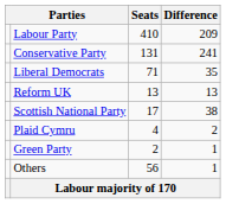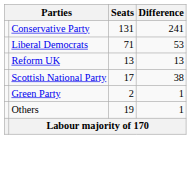 <table class="wikitable">
 <tr style="vertical-align:top;">
 <th colspan="2">Parties</th>
 <th>Seats</th>
 <th>Differ­ence</th>
-</tr>
-<tr>
-<td></td>
-<td><a href='#'>Labour Party</a></td>
-<td style="text-align:right;">410</td>
-<td style="text-align:right;"> 209</td>
 </tr>
 <tr>
 <td></td>
 <td><a href='#'>Conservative Party</a></td>
 <td style="text-align:right;">131</td>
 <td style="text-align:right;"> 241</td>
 </tr>
 <tr>
 <td></td>
 <td><a href='#'>Liberal Democrats</a></td>
 <td style="text-align:right;">71</td>
-<td style="text-align:right;"> 35</td>
+<td style="text-align:right;"> 53</td>
 </tr>
 <tr>
 <td></td>
 <td><a href='#'>Reform UK</a></td>
 <td style="text-align:right;">13</td>
 <td style="text-align:right;"> 13</td>
 </tr>
 <tr>
 <td></td>
 <td><a href='#'>Scottish National Party</a></td>
 <td style="text-align:right;">17</td>
 <td style="text-align:right;"> 38</td>
 </tr>
 <tr>
 <td></td>
-<td><a href='#'>Plaid Cymru</a></td>
-<td style="text-align:right;">4</td>
-<td style="text-align:right;"> 2</td>
-</tr>
-<tr>
-<td></td>
 <td><a href='#'>Green Party</a></td>
 <td style="text-align:right;">2</td>
 <td style="text-align:right;"> 1</td>
 </tr>
 <tr>
 <td></td>
 <td>Others</td>
-<td style="text-align:right;">56</td>
+<td style="text-align:right;">19</td>
 <td style="text-align:right;"> 1</td>
 </tr>
 <tr>
 <th style="background-color:"></th>
 <th colspan="3">Labour majority of 170</th>
 </tr>
 </table>
